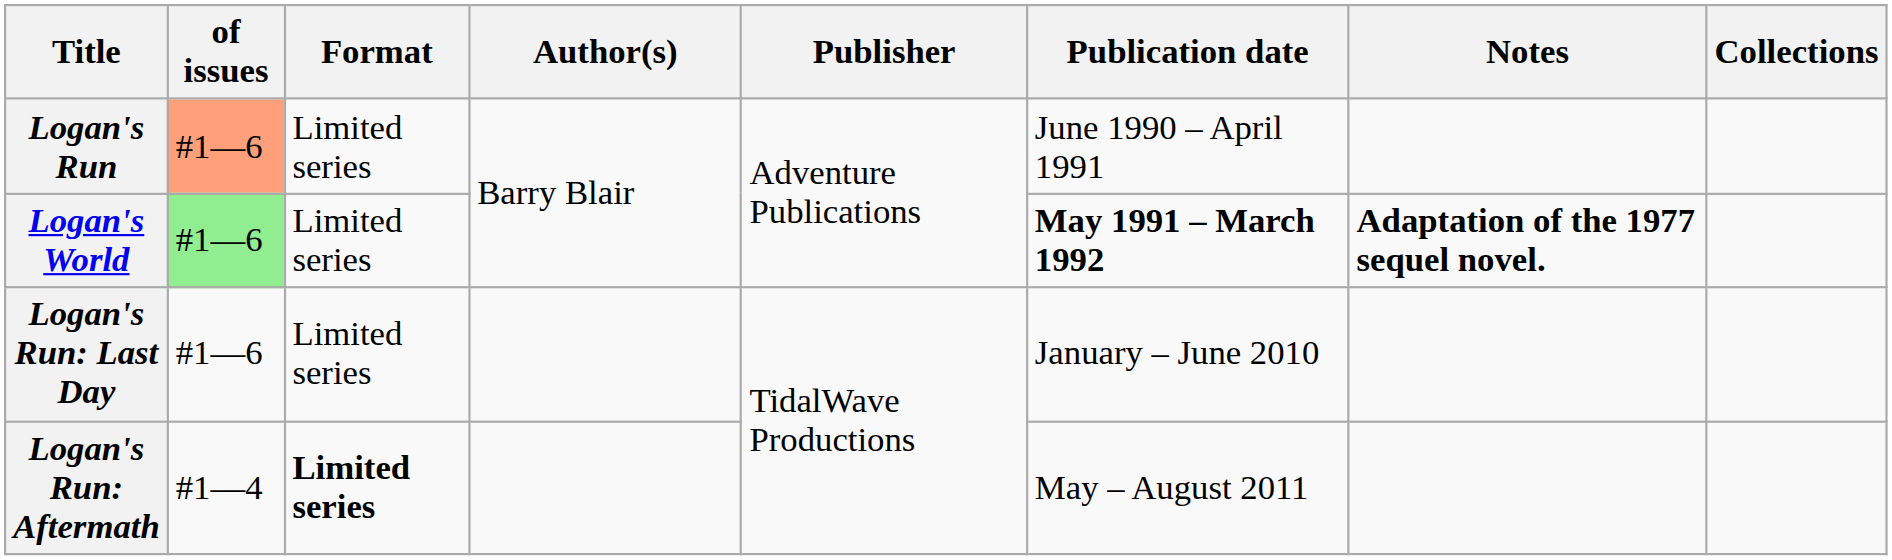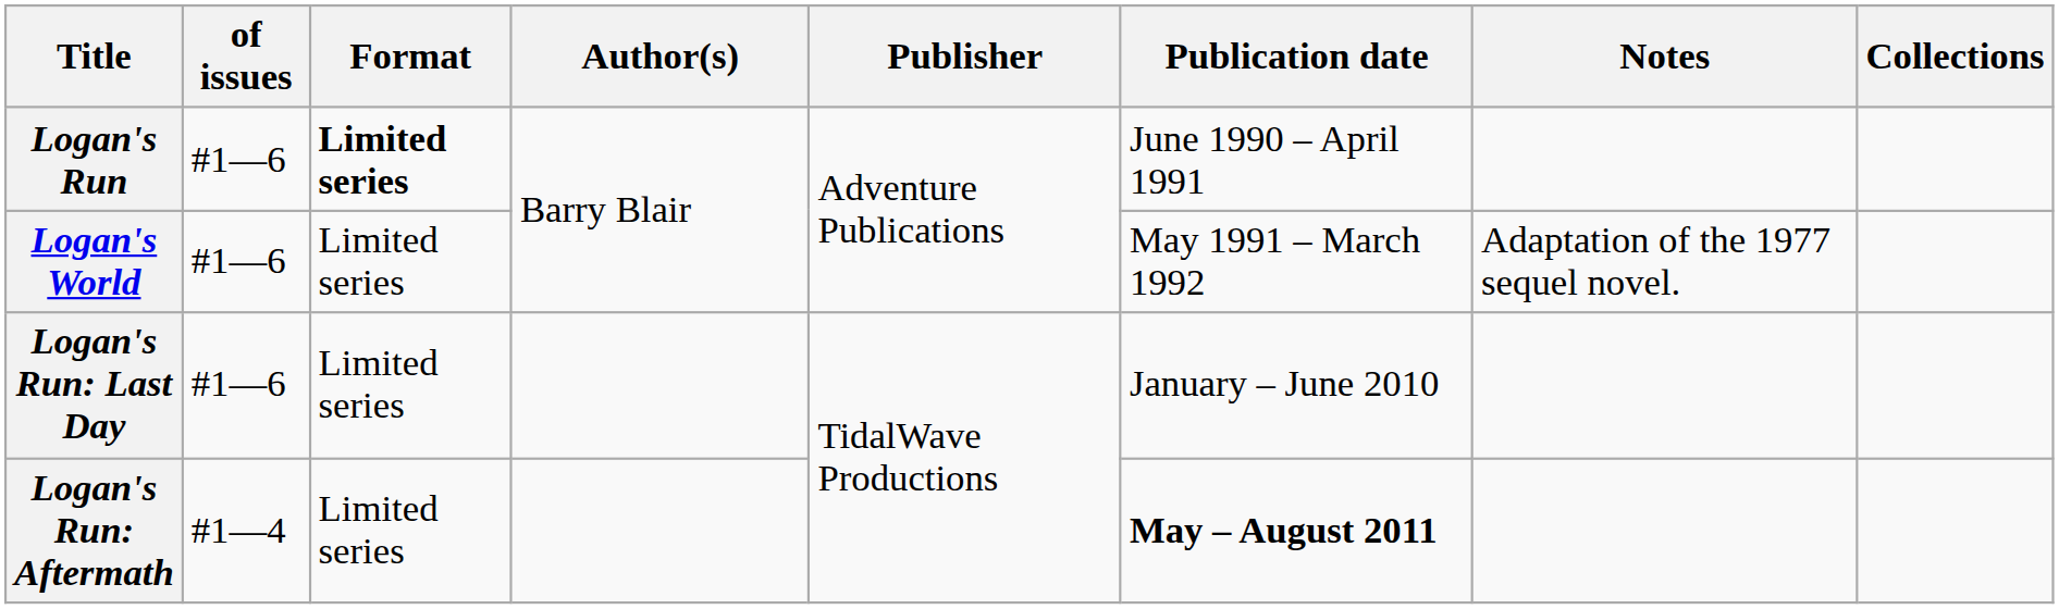 <table class="wikitable">
 <tr>
 <th>Title</th>
 <th style="width:40pt"> of issues</th>
 <th style="width:75pt">Format</th>
 <th style="width:125pt">Author(s)</th>
 <th style="width:125pt">Publisher</th>
 <th style="width:150pt">Publication date</th>
 <th style="width:175pt">Notes</th>
 <th>Collections</th>
 </tr>
 <tr>
 <th><em>Logan's Run</em></th>
-<td style="background: lightsalmon;">#1—6</td>
-<td>Limited series</td>
+<td>#1—6</td>
+<td><strong>Limited series</strong></td>
 <td rowspan="2">Barry Blair</td>
 <td rowspan="2">Adventure Publications</td>
 <td>June 1990 – April 1991</td>
 <td></td>
 <td></td>
 </tr>
 <tr>
 <th><em><a href='#'>Logan's World</a></em></th>
-<td style="background: lightgreen;">#1—6</td>
+<td>#1—6</td>
 <td>Limited series</td>
-<td><strong>May 1991 – March 1992</strong></td>
-<td><strong>Adaptation of the 1977 sequel novel.</strong></td>
+<td>May 1991 – March 1992</td>
+<td>Adaptation of the 1977 sequel novel.</td>
 <td></td>
 </tr>
 <tr>
 <th><em>Logan's Run: Last Day</em></th>
 <td>#1—6</td>
 <td>Limited series</td>
 <td></td>
 <td rowspan="2">TidalWave Productions</td>
 <td>January – June 2010</td>
 <td></td>
 <td></td>
 </tr>
 <tr>
 <th><em>Logan's Run: Aftermath</em></th>
 <td>#1—4</td>
-<td><strong>Limited series</strong></td>
+<td>Limited series</td>
 <td></td>
-<td>May – August 2011</td>
+<td><strong>May – August 2011</strong></td>
 <td></td>
 <td></td>
 </tr>
 </table>
